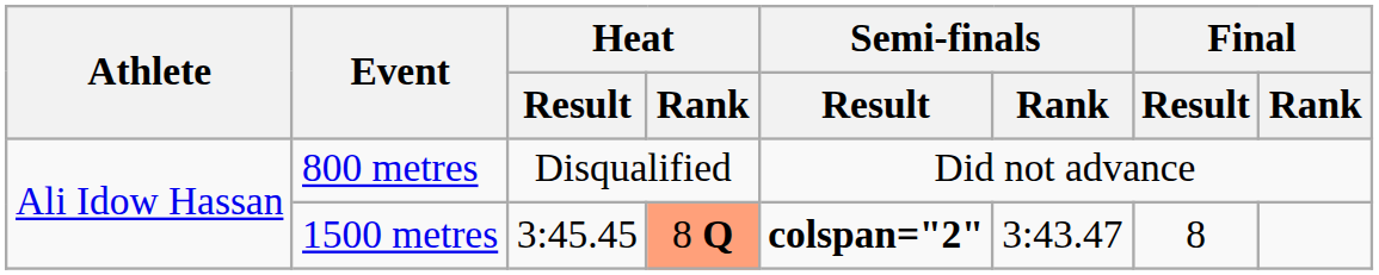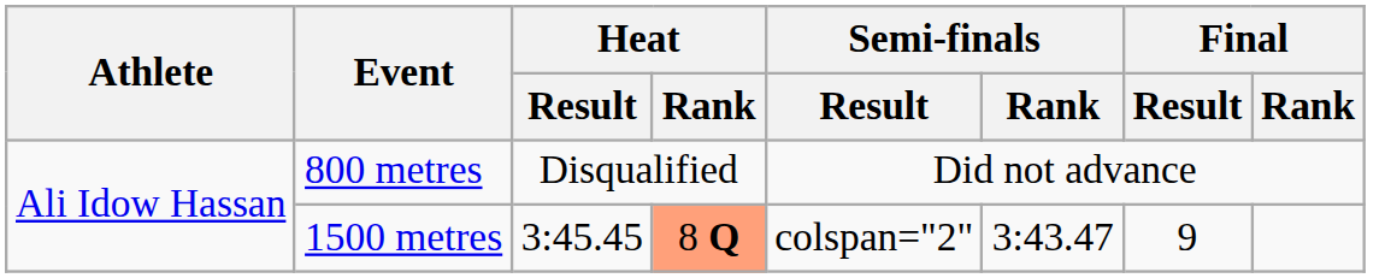 <table class="wikitable" style="font-size:90%; text-align:center">
 <tr>
 <th rowspan="2">Athlete</th>
 <th rowspan="2">Event</th>
 <th colspan="2">Heat</th>
 <th colspan="2">Semi-finals</th>
 <th colspan="2">Final</th>
 </tr>
 <tr>
 <th>Result</th>
 <th>Rank</th>
 <th>Result</th>
 <th>Rank</th>
 <th>Result</th>
 <th>Rank</th>
 </tr>
 <tr>
 <td align="left"  rowspan="2"><a href='#'>Ali Idow Hassan</a></td>
 <td align="left"><a href='#'>800 metres</a></td>
 <td colspan="2">Disqualified</td>
 <td colspan="4">Did not advance</td>
 </tr>
 <tr>
 <td align="left"><a href='#'>1500 metres</a></td>
 <td>3:45.45</td>
 <td style="background: lightsalmon;">8 <strong>Q</strong></td>
-<td><strong>colspan="2" </strong></td>
+<td>colspan="2" </td>
 <td>3:43.47</td>
-<td>8</td>
+<td>9</td>
 </tr>
 </table>
